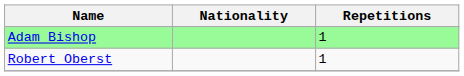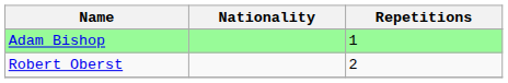 <table class="wikitable" style="display: inline-table; width: 50%;">
 <tr>
 <th>Name</th>
 <th>Nationality</th>
 <th>Repetitions</th>
 </tr>
 <tr>
 </tr>
 <tr style="background:palegreen">
 <td><a href='#'>Adam Bishop</a></td>
 <td></td>
 <td>1</td>
 </tr>
 <tr>
 <td><a href='#'>Robert Oberst</a></td>
 <td></td>
-<td>1</td>
+<td>2</td>
 </tr>
 <tr>
 </tr>
 </table>
